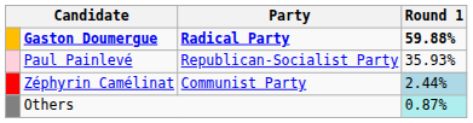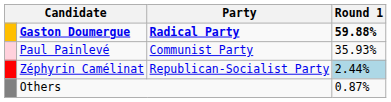 <table class="wikitable" style="font-size: 95%">
 <tr>
 <th colspan=2>Candidate</th>
 <th>Party</th>
 <th>Round 1</th>
 </tr>
 <tr>
 <td bgcolor="#FFBF00"> </td>
 <td><strong><a href='#'>Gaston Doumergue</a></strong></td>
 <td><a href='#'><strong>Radical Party</strong></a></td>
 <td><strong>59.88%</strong></td>
 </tr>
 <tr>
 <td bgcolor="#FFD1DC"> </td>
 <td><a href='#'>Paul Painlevé</a></td>
-<td><a href='#'>Republican-Socialist Party</a></td>
+<td><a href='#'>Communist Party</a></td>
 <td>35.93%</td>
 </tr>
 <tr>
 <td bgcolor="red"> </td>
 <td><a href='#'>Zéphyrin Camélinat</a></td>
-<td><a href='#'>Communist Party</a></td>
+<td><a href='#'>Republican-Socialist Party</a></td>
 <td style="background: lightblue;">2.44%</td>
 </tr>
 <tr>
 <td bgcolor="gray"> </td>
 <td colspan="2">Others</td>
-<td style="background: paleturquoise;">0.87%</td>
+<td>0.87%</td>
 </tr>
 </table>
